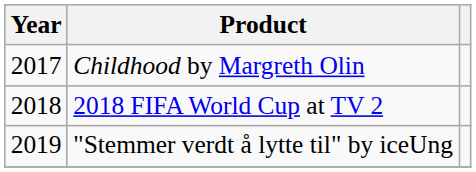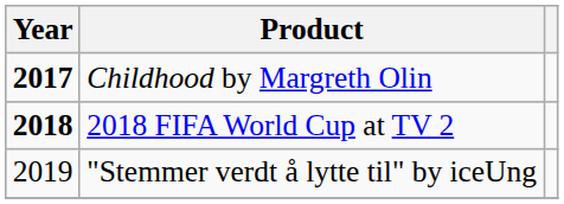 <table class="wikitable sortable">
 <tr>
 <th>Year</th>
 <th>Product</th>
 <th></th>
 </tr>
 <tr>
-<td>2017</td>
+<td><strong>2017</strong></td>
 <td><em>Childhood</em> by <a href='#'>Margreth Olin</a></td>
 <td></td>
 </tr>
 <tr>
-<td>2018</td>
+<td><strong>2018</strong></td>
 <td><a href='#'>2018 FIFA World Cup</a> at <a href='#'>TV 2</a></td>
 </tr>
 <tr>
 <td>2019</td>
 <td>"Stemmer verdt å lytte til" by iceUng</td>
 <td></td>
 </tr>
 <tr>
 </tr>
 </table>
